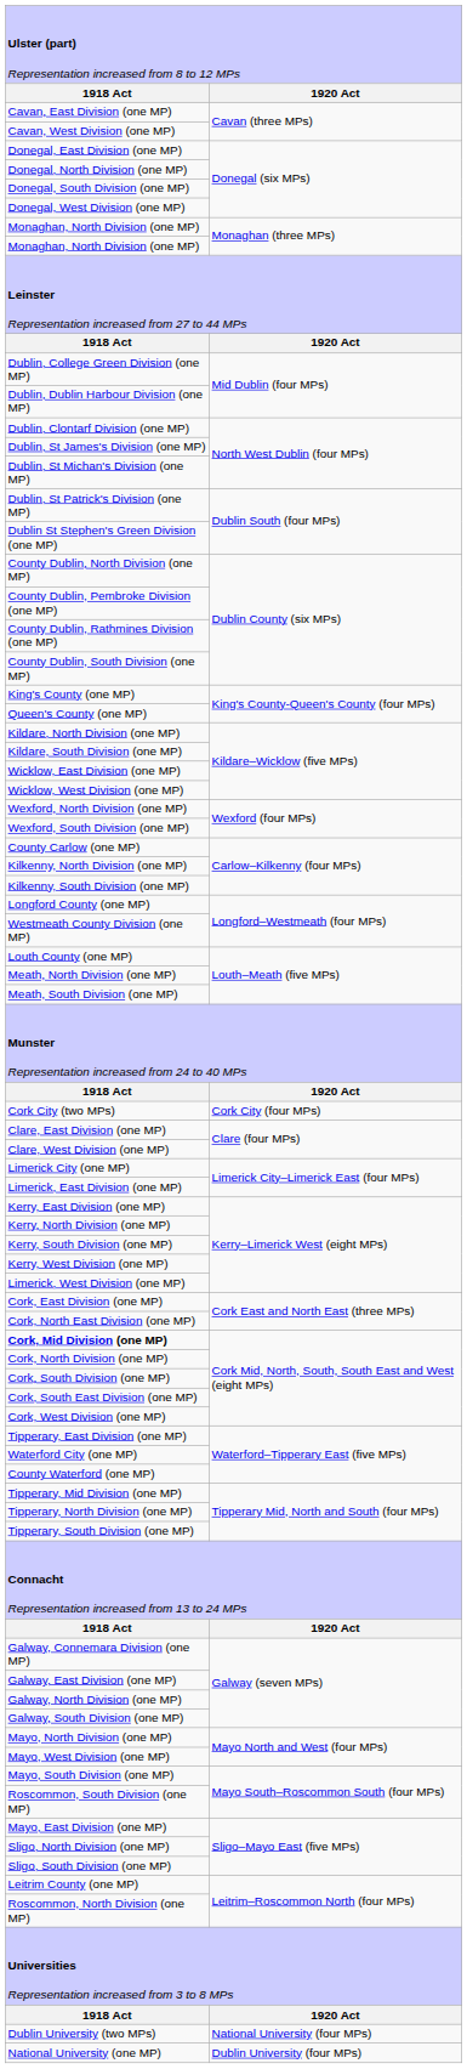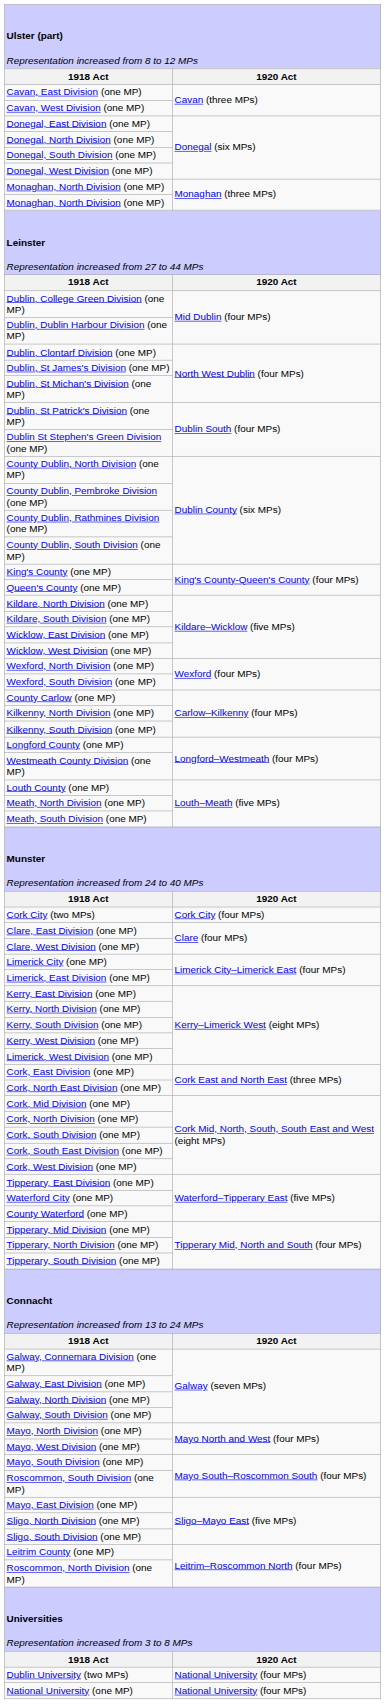 <table class="wikitable">
 <tr>
 <td colspan="2" bgcolor="ccccff"><br><h4>Ulster (part)</h4><em>Representation increased from 8 to 12 MPs</em></td>
 </tr>
 <tr>
 <th>1918 Act</th>
 <th>1920 Act</th>
 </tr>
 <tr>
 <td><a href='#'>Cavan, East Division</a> (one MP)</td>
 <td rowspan=2><a href='#'>Cavan</a> (three MPs)</td>
 </tr>
 <tr>
 <td><a href='#'>Cavan, West Division</a> (one MP)</td>
 </tr>
 <tr>
 <td><a href='#'>Donegal, East Division</a> (one MP)</td>
 <td rowspan=4><a href='#'>Donegal</a> (six MPs)</td>
 </tr>
 <tr>
 <td><a href='#'>Donegal, North Division</a> (one MP)</td>
 </tr>
 <tr>
 <td><a href='#'>Donegal, South Division</a> (one MP)</td>
 </tr>
 <tr>
 <td><a href='#'>Donegal, West Division</a> (one MP)</td>
 </tr>
 <tr>
 <td><a href='#'>Monaghan, North Division</a> (one MP)</td>
 <td rowspan=2><a href='#'>Monaghan</a> (three MPs)</td>
 </tr>
 <tr>
 <td><a href='#'>Monaghan, North Division</a> (one MP)</td>
 </tr>
 <tr>
 <td colspan="2" bgcolor="ccccff"><br><h4>Leinster</h4><em>Representation increased from 27 to 44 MPs</em></td>
 </tr>
 <tr>
 <th>1918 Act</th>
 <th>1920 Act</th>
 </tr>
 <tr>
 <td><a href='#'>Dublin, College Green Division</a> (one MP)</td>
 <td rowspan=2><a href='#'>Mid Dublin</a> (four MPs)</td>
 </tr>
 <tr>
 <td><a href='#'>Dublin, Dublin Harbour Division</a> (one MP)</td>
 </tr>
 <tr>
 <td><a href='#'>Dublin, Clontarf Division</a> (one MP)</td>
 <td rowspan=3><a href='#'>North West Dublin</a> (four MPs)</td>
 </tr>
 <tr>
 <td><a href='#'>Dublin, St James's Division</a> (one MP)</td>
 </tr>
 <tr>
 <td><a href='#'>Dublin, St Michan's Division</a> (one MP)</td>
 </tr>
 <tr>
 <td><a href='#'>Dublin, St Patrick's Division</a> (one MP)</td>
 <td rowspan=2><a href='#'>Dublin South</a> (four MPs)</td>
 </tr>
 <tr>
 <td><a href='#'>Dublin St Stephen's Green Division</a> (one MP)</td>
 </tr>
 <tr>
 <td><a href='#'>County Dublin, North Division</a> (one MP)</td>
 <td rowspan=4><a href='#'>Dublin County</a> (six MPs)</td>
 </tr>
 <tr>
 <td><a href='#'>County Dublin, Pembroke Division</a> (one MP)</td>
 </tr>
 <tr>
 <td><a href='#'>County Dublin, Rathmines Division</a> (one MP)</td>
 </tr>
 <tr>
 <td><a href='#'>County Dublin, South Division</a> (one MP)</td>
 </tr>
 <tr>
 <td><a href='#'>King's County</a> (one MP)</td>
 <td rowspan=2><a href='#'>King's County-Queen's County</a> (four MPs)</td>
 </tr>
 <tr>
 <td><a href='#'>Queen's County</a> (one MP)</td>
 </tr>
 <tr>
 <td><a href='#'>Kildare, North Division</a> (one MP)</td>
 <td rowspan=4><a href='#'>Kildare–Wicklow</a> (five MPs)</td>
 </tr>
 <tr>
 <td><a href='#'>Kildare, South Division</a> (one MP)</td>
 </tr>
 <tr>
 <td><a href='#'>Wicklow, East Division</a> (one MP)</td>
 </tr>
 <tr>
 <td><a href='#'>Wicklow, West Division</a> (one MP)</td>
 </tr>
 <tr>
 <td><a href='#'>Wexford, North Division</a> (one MP)</td>
 <td rowspan=2><a href='#'>Wexford</a> (four MPs)</td>
 </tr>
 <tr>
 <td><a href='#'>Wexford, South Division</a> (one MP)</td>
 </tr>
 <tr>
 <td><a href='#'>County Carlow</a> (one MP)</td>
 <td rowspan=3><a href='#'>Carlow–Kilkenny</a> (four MPs)</td>
 </tr>
 <tr>
 <td><a href='#'>Kilkenny, North Division</a> (one MP)</td>
 </tr>
 <tr>
 <td><a href='#'>Kilkenny, South Division</a> (one MP)</td>
 </tr>
 <tr>
 <td><a href='#'>Longford County</a> (one MP)</td>
 <td rowspan=2><a href='#'>Longford–Westmeath</a> (four MPs)</td>
 </tr>
 <tr>
 <td><a href='#'>Westmeath County Division</a> (one MP)</td>
 </tr>
 <tr>
 <td><a href='#'>Louth County</a> (one MP)</td>
 <td rowspan=3><a href='#'>Louth–Meath</a> (five MPs)</td>
 </tr>
 <tr>
 <td><a href='#'>Meath, North Division</a> (one MP)</td>
 </tr>
 <tr>
 <td><a href='#'>Meath, South Division</a> (one MP)</td>
 </tr>
 <tr>
 <td colspan="2" bgcolor="ccccff"><br><h4>Munster</h4><em>Representation increased from 24 to 40 MPs</em></td>
 </tr>
 <tr>
 <th>1918 Act</th>
 <th>1920 Act</th>
 </tr>
 <tr>
 <td><a href='#'>Cork City</a> (two MPs)</td>
 <td><a href='#'>Cork City</a> (four MPs)</td>
 </tr>
 <tr>
 <td><a href='#'>Clare, East Division</a> (one MP)</td>
 <td rowspan=2><a href='#'>Clare</a> (four MPs)</td>
 </tr>
 <tr>
 <td><a href='#'>Clare, West Division</a> (one MP)</td>
 </tr>
 <tr>
 <td><a href='#'>Limerick City</a> (one MP)</td>
 <td rowspan=2><a href='#'>Limerick City–Limerick East</a> (four MPs)</td>
 </tr>
 <tr>
 <td><a href='#'>Limerick, East Division</a> (one MP)</td>
 </tr>
 <tr>
 <td><a href='#'>Kerry, East Division</a> (one MP)</td>
 <td rowspan=5><a href='#'>Kerry–Limerick West</a> (eight MPs)</td>
 </tr>
 <tr>
 <td><a href='#'>Kerry, North Division</a> (one MP)</td>
 </tr>
 <tr>
 <td><a href='#'>Kerry, South Division</a> (one MP)</td>
 </tr>
 <tr>
 <td><a href='#'>Kerry, West Division</a> (one MP)</td>
 </tr>
 <tr>
 <td><a href='#'>Limerick, West Division</a> (one MP)</td>
 </tr>
 <tr>
 <td><a href='#'>Cork, East Division</a> (one MP)</td>
 <td rowspan=2><a href='#'>Cork East and North East</a> (three MPs)</td>
 </tr>
 <tr>
 <td><a href='#'>Cork, North East Division</a> (one MP)</td>
 </tr>
 <tr>
-<td><strong><a href='#'>Cork, Mid Division</a> (one MP)</strong></td>
+<td><a href='#'>Cork, Mid Division</a> (one MP)</td>
 <td rowspan=5><a href='#'>Cork Mid, North, South, South East and West</a> (eight MPs)</td>
 </tr>
 <tr>
 <td><a href='#'>Cork, North Division</a> (one MP)</td>
 </tr>
 <tr>
 <td><a href='#'>Cork, South Division</a> (one MP)</td>
 </tr>
 <tr>
 <td><a href='#'>Cork, South East Division</a> (one MP)</td>
 </tr>
 <tr>
 <td><a href='#'>Cork, West Division</a> (one MP)</td>
 </tr>
 <tr>
 <td><a href='#'>Tipperary, East Division</a> (one MP)</td>
 <td rowspan=3><a href='#'>Waterford–Tipperary East</a> (five MPs)</td>
 </tr>
 <tr>
 <td><a href='#'>Waterford City</a> (one MP)</td>
 </tr>
 <tr>
 <td><a href='#'>County Waterford</a> (one MP)</td>
 </tr>
 <tr>
 <td><a href='#'>Tipperary, Mid Division</a> (one MP)</td>
 <td rowspan=3><a href='#'>Tipperary Mid, North and South</a> (four MPs)</td>
 </tr>
 <tr>
 <td><a href='#'>Tipperary, North Division</a> (one MP)</td>
 </tr>
 <tr>
 <td><a href='#'>Tipperary, South Division</a> (one MP)</td>
 </tr>
 <tr>
 <td colspan="2" bgcolor="ccccff"><br><h4>Connacht</h4><em>Representation increased from 13 to 24 MPs</em></td>
 </tr>
 <tr>
 <th>1918 Act</th>
 <th>1920 Act</th>
 </tr>
 <tr>
 <td><a href='#'>Galway, Connemara Division</a> (one MP)</td>
 <td rowspan=4><a href='#'>Galway</a> (seven MPs)</td>
 </tr>
 <tr>
 <td><a href='#'>Galway, East Division</a> (one MP)</td>
 </tr>
 <tr>
 <td><a href='#'>Galway, North Division</a> (one MP)</td>
 </tr>
 <tr>
 <td><a href='#'>Galway, South Division</a> (one MP)</td>
 </tr>
 <tr>
 <td><a href='#'>Mayo, North Division</a> (one MP)</td>
 <td rowspan=2><a href='#'>Mayo North and West</a> (four MPs)</td>
 </tr>
 <tr>
 <td><a href='#'>Mayo, West Division</a> (one MP)</td>
 </tr>
 <tr>
 <td><a href='#'>Mayo, South Division</a> (one MP)</td>
 <td rowspan=2><a href='#'>Mayo South–Roscommon South</a> (four MPs)</td>
 </tr>
 <tr>
 <td><a href='#'>Roscommon, South Division</a> (one MP)</td>
 </tr>
 <tr>
 <td><a href='#'>Mayo, East Division</a> (one MP)</td>
 <td rowspan=3><a href='#'>Sligo–Mayo East</a> (five MPs)</td>
 </tr>
 <tr>
 <td><a href='#'>Sligo, North Division</a> (one MP)</td>
 </tr>
 <tr>
 <td><a href='#'>Sligo, South Division</a> (one MP)</td>
 </tr>
 <tr>
 <td><a href='#'>Leitrim County</a> (one MP)</td>
 <td rowspan=2><a href='#'>Leitrim–Roscommon North</a> (four MPs)</td>
 </tr>
 <tr>
 <td><a href='#'>Roscommon, North Division</a> (one MP)</td>
 </tr>
 <tr>
 <td colspan="2" bgcolor="ccccff"><br><h4>Universities</h4><em>Representation increased from 3 to 8 MPs</em></td>
 </tr>
 <tr>
 <th>1918 Act</th>
 <th>1920 Act</th>
 </tr>
 <tr>
 <td><a href='#'>Dublin University</a> (two MPs)</td>
 <td><a href='#'>National University</a> (four MPs)</td>
 </tr>
 <tr>
 <td><a href='#'>National University</a> (one MP)</td>
-<td><a href='#'>Dublin University</a> (four MPs)</td>
+<td><a href='#'>National University</a> (four MPs)</td>
 </tr>
 </table>
